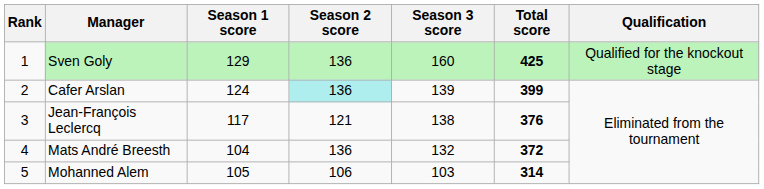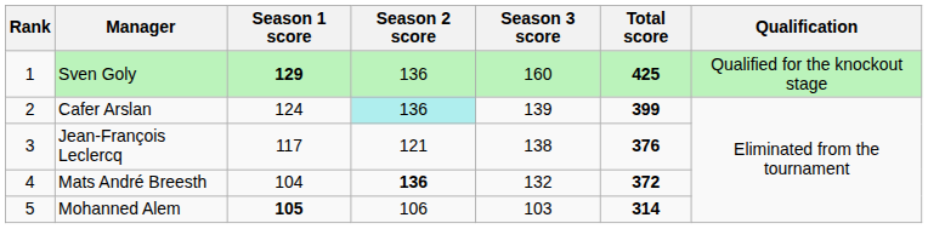 <table class="wikitable" style="text-align:center">
 <tr>
 <th>Rank</th>
 <th>Manager</th>
 <th>Season 1 score</th>
 <th>Season 2 score</th>
 <th>Season 3 score</th>
 <th>Total score</th>
 <th>Qualification</th>
 </tr>
 <tr>
 <td>1</td>
 <td align="left" style="background:#BBF3BB"> Sven Goly</td>
-<td style="background:#BBF3BB">129</td>
+<td style="background:#BBF3BB"><strong>129</strong></td>
 <td style="background:#BBF3BB">136</td>
 <td style="background:#BBF3BB">160</td>
 <td style="background:#BBF3BB"><strong>425</strong></td>
 <td style="background:#BBF3BB">Qualified for the knockout stage</td>
 </tr>
 <tr>
 <td>2</td>
 <td align="left"> Cafer Arslan</td>
 <td>124</td>
 <td style="background: paleturquoise;">136</td>
 <td>139</td>
 <td><strong>399</strong></td>
 <td rowspan="4">Eliminated from the tournament</td>
 </tr>
 <tr>
 <td>3</td>
 <td align=left> Jean-François Leclercq</td>
 <td>117</td>
 <td>121</td>
 <td>138</td>
 <td><strong>376</strong></td>
 </tr>
 <tr>
 <td>4</td>
 <td align="left"> Mats André Breesth</td>
 <td>104</td>
-<td>136</td>
+<td><strong>136</strong></td>
 <td>132</td>
 <td><strong>372</strong></td>
 </tr>
 <tr>
 <td>5</td>
 <td align="left"> Mohanned Alem</td>
-<td>105</td>
+<td><strong>105</strong></td>
 <td>106</td>
 <td>103</td>
 <td><strong>314</strong></td>
 </tr>
 </table>
